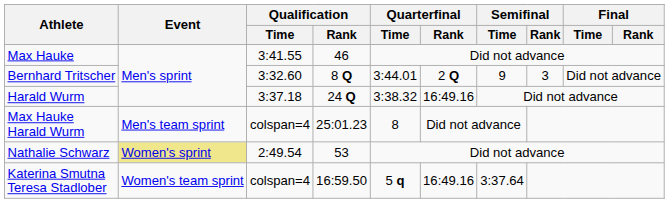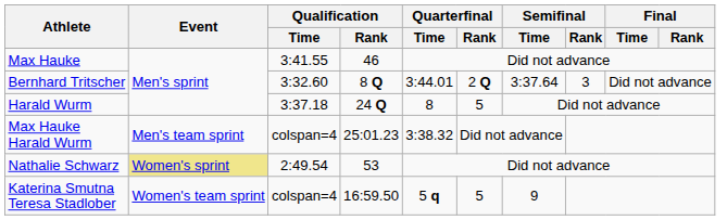 <table class="wikitable" style="font-size:90%">
 <tr>
 <th rowspan="2">Athlete</th>
 <th rowspan="2">Event</th>
 <th colspan="2">Qualification</th>
 <th colspan="2">Quarterfinal</th>
 <th colspan="2">Semifinal</th>
 <th colspan="2">Final</th>
 </tr>
 <tr style="font-size:95%">
 <th>Time</th>
 <th>Rank</th>
 <th>Time</th>
 <th>Rank</th>
 <th>Time</th>
 <th>Rank</th>
 <th>Time</th>
 <th>Rank</th>
 </tr>
 <tr align=center>
 <td align=left><a href='#'>Max Hauke</a></td>
 <td align=left rowspan=3><a href='#'>Men's sprint</a></td>
 <td>3:41.55</td>
 <td>46</td>
 <td colspan=6>Did not advance</td>
 </tr>
 <tr align=center>
 <td align=left><a href='#'>Bernhard Tritscher</a></td>
 <td>3:32.60</td>
 <td>8 <strong>Q</strong></td>
 <td>3:44.01</td>
 <td>2 <strong>Q</strong></td>
-<td>9</td>
+<td>3:37.64</td>
 <td>3</td>
 <td colspan=2>Did not advance</td>
 </tr>
 <tr align=center>
 <td align=left><a href='#'>Harald Wurm</a></td>
 <td>3:37.18</td>
 <td>24 <strong>Q</strong></td>
-<td>3:38.32</td>
-<td>16:49.16</td>
+<td>8</td>
+<td>5</td>
 <td colspan=4>Did not advance</td>
 </tr>
 <tr align=center>
 <td align=left><a href='#'>Max Hauke</a><br><a href='#'>Harald Wurm</a></td>
 <td align=left><a href='#'>Men's team sprint</a></td>
 <td>colspan=4 </td>
 <td>25:01.23</td>
-<td>8</td>
+<td>3:38.32</td>
 <td colspan=2>Did not advance</td>
 </tr>
 <tr align=center>
 <td align=left><a href='#'>Nathalie Schwarz</a></td>
 <td align=left style="background: khaki;"><a href='#'>Women's sprint</a></td>
 <td>2:49.54</td>
 <td>53</td>
 <td colspan=6>Did not advance</td>
 </tr>
 <tr align=center>
 <td align=left><a href='#'>Katerina Smutna</a><br><a href='#'>Teresa Stadlober</a></td>
 <td align=left><a href='#'>Women's team sprint</a></td>
 <td>colspan=4 </td>
 <td>16:59.50</td>
 <td>5 <strong>q</strong></td>
-<td>16:49.16</td>
-<td>3:37.64</td>
+<td>5</td>
+<td>9</td>
 </tr>
 </table>
